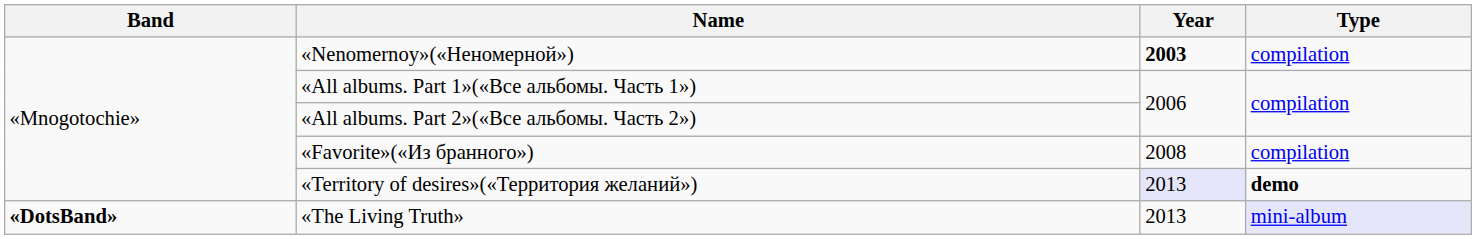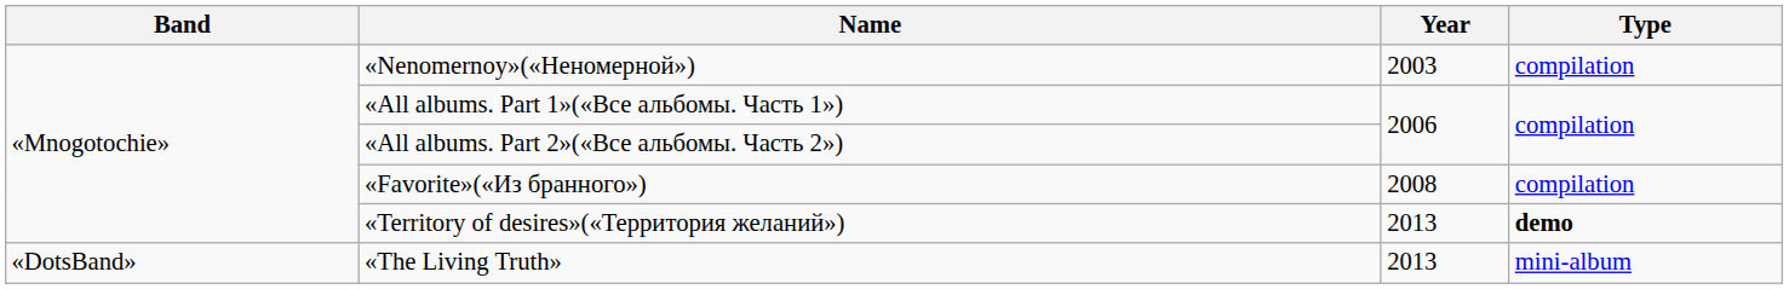 <table class="wikitable" width="90%">
 <tr>
 <th>Band</th>
 <th>Name</th>
 <th>Year</th>
 <th>Type</th>
 </tr>
 <tr>
 <td rowspan="5">«Mnogotochie»</td>
 <td>«Nenomernoy»(«Неномерной»)</td>
-<td><strong>2003</strong></td>
+<td>2003</td>
 <td><a href='#'>compilation</a></td>
 </tr>
 <tr>
 <td>«All albums. Part 1»(«Все альбомы. Часть 1»)</td>
 <td rowspan="2">2006</td>
 <td rowspan="2"><a href='#'>compilation</a></td>
 </tr>
 <tr>
 <td>«All albums. Part 2»(«Все альбомы. Часть 2»)</td>
 </tr>
 <tr>
 <td>«Favorite»(«Из бранного»)</td>
 <td>2008</td>
 <td><a href='#'>compilation</a></td>
 </tr>
 <tr>
 <td>«Territory of desires»(«Территория желаний»)</td>
-<td style="background: lavender;">2013</td>
+<td>2013</td>
 <td><strong>demo</strong></td>
 </tr>
 <tr>
-<td><strong>«DotsBand»</strong></td>
+<td>«DotsBand»</td>
 <td>«The Living Truth»</td>
 <td>2013</td>
-<td style="background: lavender;"><a href='#'>mini-album</a></td>
+<td><a href='#'>mini-album</a></td>
 </tr>
 </table>
